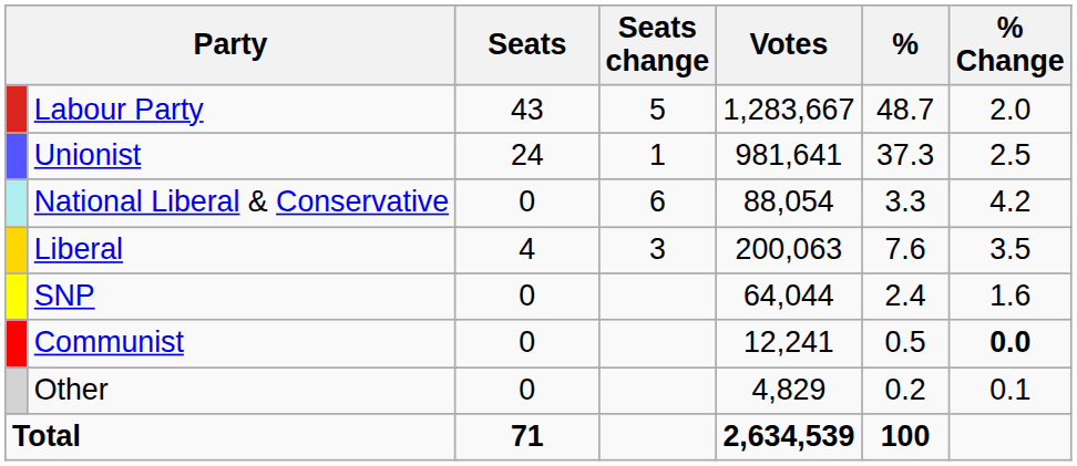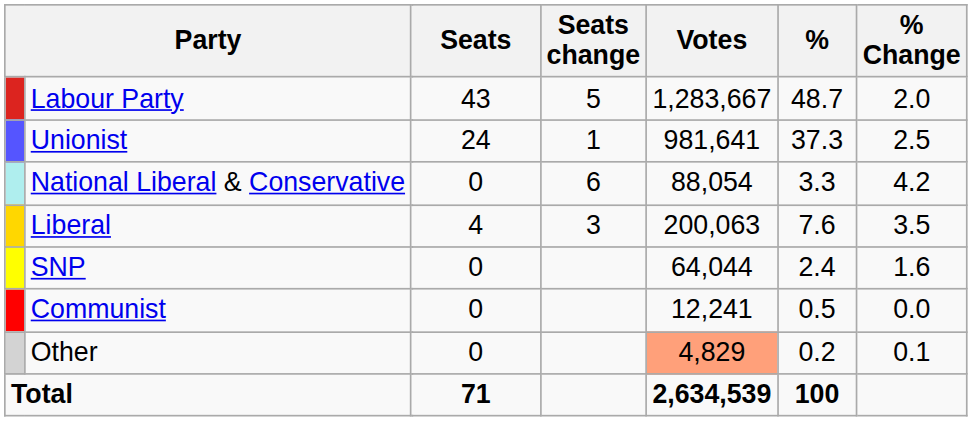 <table class="wikitable sortable">
 <tr>
 <th style="width:200px" colspan=3>Party</th>
 <th style="width:70px;">Seats</th>
 <th style="width:40px;">Seats change</th>
 <th style="width:40px;">Votes</th>
 <th style="width:40px;">%</th>
 <th style="width:40px;">% Change</th>
 </tr>
 <tr>
 <td style="background-color:#DC241f"> </td>
 <td colspan=2><a href='#'>Labour Party</a></td>
 <td align=center>43</td>
 <td align=center> 5</td>
 <td align=center>1,283,667</td>
 <td align=center>48.7</td>
 <td align=center> 2.0</td>
 </tr>
 <tr>
 <td style="background-color:#5555FF"> </td>
 <td colspan=2><a href='#'>Unionist</a></td>
 <td align="center">24</td>
 <td align="center"> 1</td>
 <td align="center">981,641</td>
 <td align="center">37.3</td>
 <td align="center"> 2.5</td>
 </tr>
 <tr>
 <td style="background-color:#AFEEEE"> </td>
 <td colspan=2><a href='#'>National Liberal</a> & <a href='#'>Conservative</a></td>
 <td align="center">0</td>
 <td align="center"> 6</td>
 <td align="center">88,054</td>
 <td align="center">3.3</td>
 <td align="center"> 4.2</td>
 </tr>
 <tr>
 <td style="background-color:#FFD700"> </td>
 <td colspan=2><a href='#'>Liberal</a></td>
 <td align=center>4</td>
 <td align=center> 3</td>
 <td align=center>200,063</td>
 <td align=center>7.6</td>
 <td align=center> 3.5</td>
 </tr>
 <tr>
 <td style="background-color:#FFFF00"> </td>
 <td colspan=2><a href='#'>SNP</a></td>
 <td align=center>0</td>
 <td align=center></td>
 <td align=center>64,044</td>
 <td align=center>2.4</td>
 <td align=center> 1.6</td>
 </tr>
 <tr>
 <td style="background-color:#FF0000"> </td>
 <td colspan=2><a href='#'>Communist</a></td>
 <td align=center>0</td>
 <td align=center></td>
 <td align=center>12,241</td>
 <td align=center>0.5</td>
-<td align=center><strong> 0.0</strong></td>
+<td align=center> 0.0</td>
 </tr>
 <tr>
 <td style="background-color:#D3D3D3"> </td>
 <td colspan=2>Other</td>
 <td align=center>0</td>
 <td align=center></td>
-<td align=center>4,829</td>
+<td align=center style="background: lightsalmon;">4,829</td>
 <td align=center>0.2</td>
 <td align=center> 0.1</td>
 </tr>
 <tr>
 <td colspan=3><strong>Total</strong></td>
 <td align=center><strong>71</strong></td>
 <td align=center></td>
 <td align=center><strong>2,634,539</strong></td>
 <td align=center><strong>100</strong></td>
 <td align=center></td>
 </tr>
 </table>
